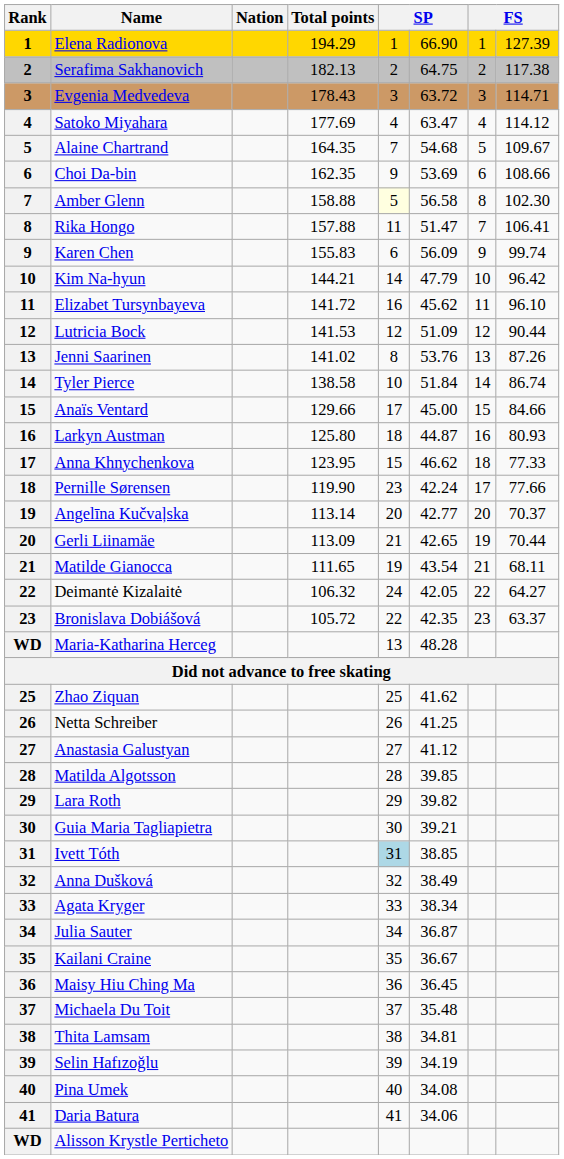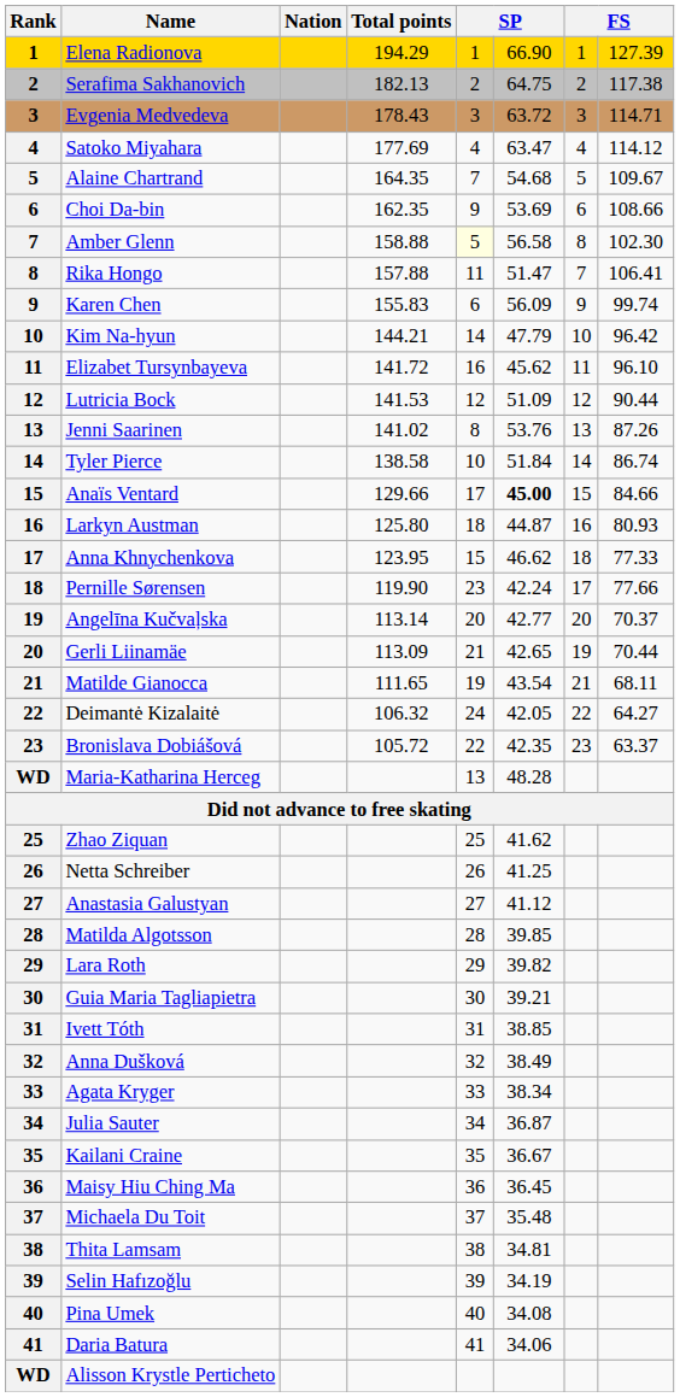 <table class="wikitable sortable">
 <tr>
 <th>Rank</th>
 <th>Name</th>
 <th>Nation</th>
 <th>Total points</th>
 <th colspan="2" width="80px"><a href='#'>SP</a></th>
 <th colspan="2" width="80px"><a href='#'>FS</a></th>
 </tr>
 <tr bgcolor=gold>
 <td align=center><strong>1</strong></td>
 <td><a href='#'>Elena Radionova</a></td>
 <td></td>
 <td align=center>194.29</td>
 <td align=center>1</td>
 <td align=center>66.90</td>
 <td align=center>1</td>
 <td align=center>127.39</td>
 </tr>
 <tr bgcolor=silver>
 <td align=center><strong>2</strong></td>
 <td><a href='#'>Serafima Sakhanovich</a></td>
 <td></td>
 <td align=center>182.13</td>
 <td align=center>2</td>
 <td align=center>64.75</td>
 <td align=center>2</td>
 <td align=center>117.38</td>
 </tr>
 <tr bgcolor=cc9966>
 <td align=center><strong>3</strong></td>
 <td><a href='#'>Evgenia Medvedeva</a></td>
 <td></td>
 <td align=center>178.43</td>
 <td align=center>3</td>
 <td align=center>63.72</td>
 <td align=center>3</td>
 <td align=center>114.71</td>
 </tr>
 <tr>
 <th>4</th>
 <td><a href='#'>Satoko Miyahara</a></td>
 <td></td>
 <td align=center>177.69</td>
 <td align=center>4</td>
 <td align=center>63.47</td>
 <td align=center>4</td>
 <td align=center>114.12</td>
 </tr>
 <tr>
 <th>5</th>
 <td><a href='#'>Alaine Chartrand</a></td>
 <td></td>
 <td align=center>164.35</td>
 <td align=center>7</td>
 <td align=center>54.68</td>
 <td align=center>5</td>
 <td align=center>109.67</td>
 </tr>
 <tr>
 <th>6</th>
 <td><a href='#'>Choi Da-bin</a></td>
 <td></td>
 <td align=center>162.35</td>
 <td align=center>9</td>
 <td align=center>53.69</td>
 <td align=center>6</td>
 <td align=center>108.66</td>
 </tr>
 <tr>
 <th>7</th>
 <td><a href='#'>Amber Glenn</a></td>
 <td></td>
 <td align=center>158.88</td>
 <td align=center style="background: lightyellow;">5</td>
 <td align=center>56.58</td>
 <td align=center>8</td>
 <td align=center>102.30</td>
 </tr>
 <tr>
 <th>8</th>
 <td><a href='#'>Rika Hongo</a></td>
 <td></td>
 <td align=center>157.88</td>
 <td align=center>11</td>
 <td align=center>51.47</td>
 <td align=center>7</td>
 <td align=center>106.41</td>
 </tr>
 <tr>
 <th>9</th>
 <td><a href='#'>Karen Chen</a></td>
 <td></td>
 <td align=center>155.83</td>
 <td align=center>6</td>
 <td align=center>56.09</td>
 <td align=center>9</td>
 <td align=center>99.74</td>
 </tr>
 <tr>
 <th>10</th>
 <td><a href='#'>Kim Na-hyun</a></td>
 <td></td>
 <td align=center>144.21</td>
 <td align=center>14</td>
 <td align=center>47.79</td>
 <td align=center>10</td>
 <td align=center>96.42</td>
 </tr>
 <tr>
 <th>11</th>
 <td><a href='#'>Elizabet Tursynbayeva</a></td>
 <td></td>
 <td align=center>141.72</td>
 <td align=center>16</td>
 <td align=center>45.62</td>
 <td align=center>11</td>
 <td align=center>96.10</td>
 </tr>
 <tr>
 <th>12</th>
 <td><a href='#'>Lutricia Bock</a></td>
 <td></td>
 <td align=center>141.53</td>
 <td align=center>12</td>
 <td align=center>51.09</td>
 <td align=center>12</td>
 <td align=center>90.44</td>
 </tr>
 <tr>
 <th>13</th>
 <td><a href='#'>Jenni Saarinen</a></td>
 <td></td>
 <td align=center>141.02</td>
 <td align=center>8</td>
 <td align=center>53.76</td>
 <td align=center>13</td>
 <td align=center>87.26</td>
 </tr>
 <tr>
 <th>14</th>
 <td><a href='#'>Tyler Pierce</a></td>
 <td></td>
 <td align=center>138.58</td>
 <td align=center>10</td>
 <td align=center>51.84</td>
 <td align=center>14</td>
 <td align=center>86.74</td>
 </tr>
 <tr>
 <th>15</th>
 <td><a href='#'>Anaïs Ventard</a></td>
 <td></td>
 <td align=center>129.66</td>
 <td align=center>17</td>
-<td align=center>45.00</td>
+<td align=center><strong>45.00</strong></td>
 <td align=center>15</td>
 <td align=center>84.66</td>
 </tr>
 <tr>
 <th>16</th>
 <td><a href='#'>Larkyn Austman</a></td>
 <td></td>
 <td align=center>125.80</td>
 <td align=center>18</td>
 <td align=center>44.87</td>
 <td align=center>16</td>
 <td align=center>80.93</td>
 </tr>
 <tr>
 <th>17</th>
 <td><a href='#'>Anna Khnychenkova</a></td>
 <td></td>
 <td align=center>123.95</td>
 <td align=center>15</td>
 <td align=center>46.62</td>
 <td align=center>18</td>
 <td align=center>77.33</td>
 </tr>
 <tr>
 <th>18</th>
 <td><a href='#'>Pernille Sørensen</a></td>
 <td></td>
 <td align=center>119.90</td>
 <td align=center>23</td>
 <td align=center>42.24</td>
 <td align=center>17</td>
 <td align=center>77.66</td>
 </tr>
 <tr>
 <th>19</th>
 <td><a href='#'>Angelīna Kučvaļska</a></td>
 <td></td>
 <td align=center>113.14</td>
 <td align=center>20</td>
 <td align=center>42.77</td>
 <td align=center>20</td>
 <td align=center>70.37</td>
 </tr>
 <tr>
 <th>20</th>
 <td><a href='#'>Gerli Liinamäe</a></td>
 <td></td>
 <td align=center>113.09</td>
 <td align=center>21</td>
 <td align=center>42.65</td>
 <td align=center>19</td>
 <td align=center>70.44</td>
 </tr>
 <tr>
 <th>21</th>
 <td><a href='#'>Matilde Gianocca</a></td>
 <td></td>
 <td align=center>111.65</td>
 <td align=center>19</td>
 <td align=center>43.54</td>
 <td align=center>21</td>
 <td align=center>68.11</td>
 </tr>
 <tr>
 <th>22</th>
 <td>Deimantė Kizalaitė</td>
 <td></td>
 <td align=center>106.32</td>
 <td align=center>24</td>
 <td align=center>42.05</td>
 <td align=center>22</td>
 <td align=center>64.27</td>
 </tr>
 <tr>
 <th>23</th>
 <td><a href='#'>Bronislava Dobiášová</a></td>
 <td></td>
 <td align=center>105.72</td>
 <td align=center>22</td>
 <td align=center>42.35</td>
 <td align=center>23</td>
 <td align=center>63.37</td>
 </tr>
 <tr>
 <th>WD</th>
 <td><a href='#'>Maria-Katharina Herceg</a></td>
 <td></td>
 <td align=center></td>
 <td align=center>13</td>
 <td align=center>48.28</td>
 <td align=center></td>
 <td align=center></td>
 </tr>
 <tr>
 <th colspan=10>Did not advance to free skating</th>
 </tr>
 <tr>
 <th>25</th>
 <td><a href='#'>Zhao Ziquan</a></td>
 <td></td>
 <td align=center></td>
 <td align=center>25</td>
 <td align=center>41.62</td>
 <td align=center></td>
 <td align=center></td>
 </tr>
 <tr>
 <th>26</th>
 <td>Netta Schreiber</td>
 <td></td>
 <td align=center></td>
 <td align=center>26</td>
 <td align=center>41.25</td>
 <td align=center></td>
 <td align=center></td>
 </tr>
 <tr>
 <th>27</th>
 <td><a href='#'>Anastasia Galustyan</a></td>
 <td></td>
 <td align=center></td>
 <td align=center>27</td>
 <td align=center>41.12</td>
 <td align=center></td>
 <td align=center></td>
 </tr>
 <tr>
 <th>28</th>
 <td><a href='#'>Matilda Algotsson</a></td>
 <td></td>
 <td align=center></td>
 <td align=center>28</td>
 <td align=center>39.85</td>
 <td align=center></td>
 <td align=center></td>
 </tr>
 <tr>
 <th>29</th>
 <td><a href='#'>Lara Roth</a></td>
 <td></td>
 <td align=center></td>
 <td align=center>29</td>
 <td align=center>39.82</td>
 <td align=center></td>
 <td align=center></td>
 </tr>
 <tr>
 <th>30</th>
 <td><a href='#'>Guia Maria Tagliapietra</a></td>
 <td></td>
 <td align=center></td>
 <td align=center>30</td>
 <td align=center>39.21</td>
 <td align=center></td>
 <td align=center></td>
 </tr>
 <tr>
 <th>31</th>
 <td><a href='#'>Ivett Tóth</a></td>
 <td></td>
 <td align=center></td>
-<td align=center style="background: lightblue;">31</td>
+<td align=center>31</td>
 <td align=center>38.85</td>
 <td align=center></td>
 <td align=center></td>
 </tr>
 <tr>
 <th>32</th>
 <td><a href='#'>Anna Dušková</a></td>
 <td></td>
 <td align=center></td>
 <td align=center>32</td>
 <td align=center>38.49</td>
 <td align=center></td>
 <td align=center></td>
 </tr>
 <tr>
 <th>33</th>
 <td><a href='#'>Agata Kryger</a></td>
 <td></td>
 <td align=center></td>
 <td align=center>33</td>
 <td align=center>38.34</td>
 <td align=center></td>
 <td align=center></td>
 </tr>
 <tr>
 <th>34</th>
 <td><a href='#'>Julia Sauter</a></td>
 <td></td>
 <td align=center></td>
 <td align=center>34</td>
 <td align=center>36.87</td>
 <td align=center></td>
 <td align=center></td>
 </tr>
 <tr>
 <th>35</th>
 <td><a href='#'>Kailani Craine</a></td>
 <td></td>
 <td align=center></td>
 <td align=center>35</td>
 <td align=center>36.67</td>
 <td align=center></td>
 <td align=center></td>
 </tr>
 <tr>
 <th>36</th>
 <td><a href='#'>Maisy Hiu Ching Ma</a></td>
 <td></td>
 <td align=center></td>
 <td align=center>36</td>
 <td align=center>36.45</td>
 <td align=center></td>
 <td align=center></td>
 </tr>
 <tr>
 <th>37</th>
 <td><a href='#'>Michaela Du Toit</a></td>
 <td></td>
 <td align=center></td>
 <td align=center>37</td>
 <td align=center>35.48</td>
 <td align=center></td>
 <td align=center></td>
 </tr>
 <tr>
 <th>38</th>
 <td><a href='#'>Thita Lamsam</a></td>
 <td></td>
 <td align=center></td>
 <td align=center>38</td>
 <td align=center>34.81</td>
 <td align=center></td>
 <td align=center></td>
 </tr>
 <tr>
 <th>39</th>
 <td><a href='#'>Selin Hafızoğlu</a></td>
 <td></td>
 <td align=center></td>
 <td align=center>39</td>
 <td align=center>34.19</td>
 <td align=center></td>
 <td align=center></td>
 </tr>
 <tr>
 <th>40</th>
 <td><a href='#'>Pina Umek</a></td>
 <td></td>
 <td align=center></td>
 <td align=center>40</td>
 <td align=center>34.08</td>
 <td align=center></td>
 <td align=center></td>
 </tr>
 <tr>
 <th>41</th>
 <td><a href='#'>Daria Batura</a></td>
 <td></td>
 <td align=center></td>
 <td align=center>41</td>
 <td align=center>34.06</td>
 <td align=center></td>
 <td align=center></td>
 </tr>
 <tr>
 <th>WD</th>
 <td><a href='#'>Alisson Krystle Perticheto</a></td>
 <td></td>
 <td align=center></td>
 <td align=center></td>
 <td align=center></td>
 <td align=center></td>
 <td align=center></td>
 </tr>
 </table>
